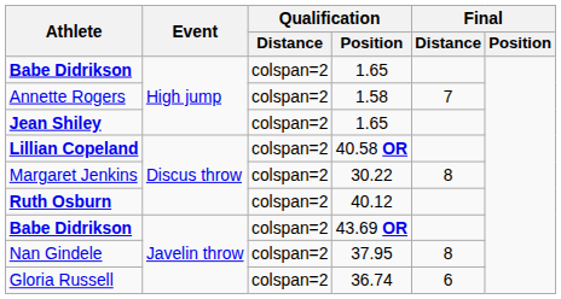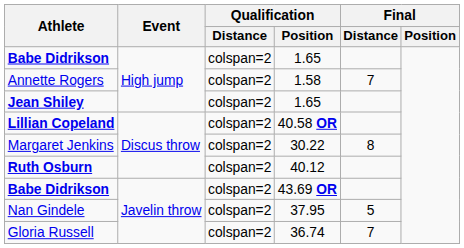 <table class=wikitable style="font-size:90%">
 <tr>
 <th rowspan=2>Athlete</th>
 <th rowspan=2>Event</th>
 <th colspan=2>Qualification</th>
 <th colspan=2>Final</th>
 </tr>
 <tr style="font-size:95%">
 <th>Distance</th>
 <th>Position</th>
 <th>Distance</th>
 <th>Position</th>
 </tr>
 <tr align=center>
 <td align=left><strong><a href='#'>Babe Didrikson</a></strong></td>
 <td align=left rowspan=3><a href='#'>High jump</a></td>
 <td>colspan=2 </td>
 <td>1.65</td>
 <td></td>
 </tr>
 <tr align=center>
 <td align=left><a href='#'>Annette Rogers</a></td>
 <td>colspan=2 </td>
 <td>1.58</td>
 <td>7</td>
 </tr>
 <tr align=center>
 <td align=left><strong><a href='#'>Jean Shiley</a></strong></td>
 <td>colspan=2 </td>
 <td>1.65</td>
 <td></td>
 </tr>
 <tr align=center>
 <td align=left><strong><a href='#'>Lillian Copeland</a></strong></td>
 <td align=left rowspan=3><a href='#'>Discus throw</a></td>
 <td>colspan=2 </td>
 <td>40.58 <strong><a href='#'>OR</a></strong></td>
 <td></td>
 </tr>
 <tr align=center>
 <td align=left><a href='#'>Margaret Jenkins</a></td>
 <td>colspan=2 </td>
 <td>30.22</td>
 <td>8</td>
 </tr>
 <tr align=center>
 <td align=left><strong><a href='#'>Ruth Osburn</a></strong></td>
 <td>colspan=2 </td>
 <td>40.12</td>
 <td></td>
 </tr>
 <tr align=center>
 <td align=left><strong><a href='#'>Babe Didrikson</a></strong></td>
 <td align=left rowspan=3><a href='#'>Javelin throw</a></td>
 <td>colspan=2 </td>
 <td>43.69 <strong><a href='#'>OR</a></strong></td>
 <td></td>
 </tr>
 <tr align=center>
 <td align=left><a href='#'>Nan Gindele</a></td>
 <td>colspan=2 </td>
 <td>37.95</td>
-<td>8</td>
+<td>5</td>
 </tr>
 <tr align=center>
 <td align=left><a href='#'>Gloria Russell</a></td>
 <td>colspan=2 </td>
 <td>36.74</td>
-<td>6</td>
+<td>7</td>
 </tr>
 </table>
